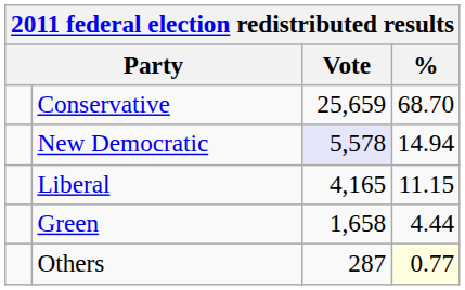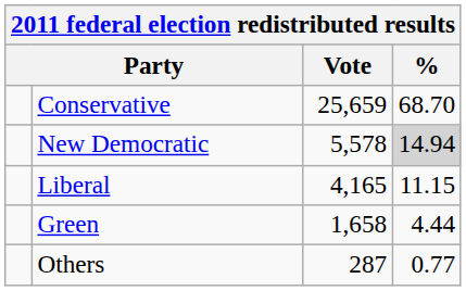 <table class="wikitable">
 <tr>
 <th colspan="4"><a href='#'>2011 federal election</a> redistributed results</th>
 </tr>
 <tr>
 <th bgcolor="#DDDDFF" width="130px" colspan="2">Party</th>
 <th bgcolor="#DDDDFF" width="50px">Vote</th>
 <th bgcolor="#DDDDFF" width="30px">%</th>
 </tr>
 <tr>
 <td> </td>
 <td><a href='#'>Conservative</a></td>
 <td align=right>25,659</td>
 <td align=right>68.70</td>
 </tr>
 <tr>
 <td> </td>
 <td><a href='#'>New Democratic</a></td>
-<td align=right style="background: lavender;">5,578</td>
-<td align=right>14.94</td>
+<td align=right>5,578</td>
+<td align=right style="background: lightgrey;">14.94</td>
 </tr>
 <tr>
 <td> </td>
 <td><a href='#'>Liberal</a></td>
 <td align=right>4,165</td>
 <td align=right>11.15</td>
 </tr>
 <tr>
 <td> </td>
 <td><a href='#'>Green</a></td>
 <td align=right>1,658</td>
 <td align=right>4.44</td>
 </tr>
 <tr>
 <td> </td>
 <td>Others</td>
 <td align=right>287</td>
-<td align=right style="background: lightyellow;">0.77</td>
+<td align=right>0.77</td>
 </tr>
 </table>
